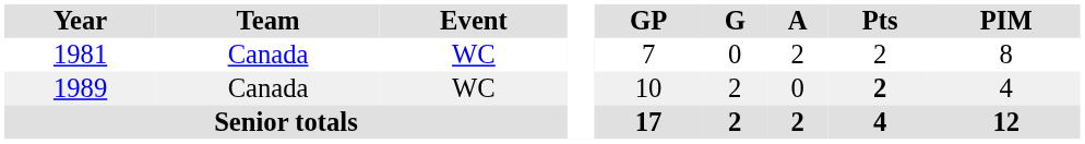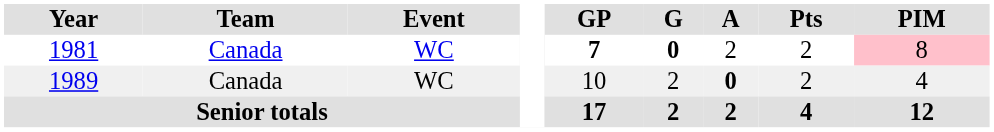 <table border="0" cellpadding="1" cellspacing="0" style="text-align:center; width:40em">
 <tr ALIGN="center" bgcolor="#e0e0e0">
 <th>Year</th>
 <th>Team</th>
 <th>Event</th>
 <th rowspan="99" bgcolor="#ffffff"> </th>
 <th>GP</th>
 <th>G</th>
 <th>A</th>
 <th>Pts</th>
 <th>PIM</th>
 </tr>
 <tr>
 <td><a href='#'>1981</a></td>
 <td><a href='#'>Canada</a></td>
 <td><a href='#'>WC</a></td>
-<td>7</td>
-<td>0</td>
+<td><strong>7</strong></td>
+<td><strong>0</strong></td>
 <td>2</td>
 <td>2</td>
-<td>8</td>
+<td style="background: pink;">8</td>
 </tr>
 <tr bgcolor="#f0f0f0">
 <td><a href='#'>1989</a></td>
 <td>Canada</td>
 <td>WC</td>
 <td>10</td>
 <td>2</td>
-<td>0</td>
-<td><strong>2</strong></td>
+<td><strong>0</strong></td>
+<td>2</td>
 <td>4</td>
 </tr>
 <tr bgcolor="#e0e0e0">
 <th colspan=3>Senior totals</th>
 <th>17</th>
 <th>2</th>
 <th>2</th>
 <th>4</th>
 <th>12</th>
 </tr>
 </table>
